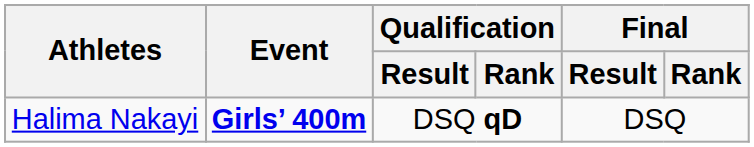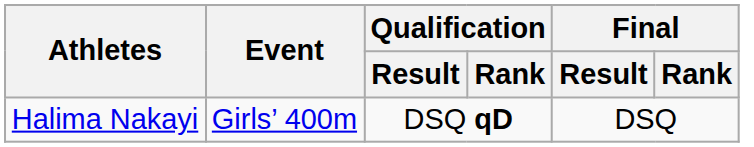 <table class="wikitable" border="1" style="font-size:90%">
 <tr>
 <th rowspan=2>Athletes</th>
 <th rowspan=2>Event</th>
 <th colspan=2>Qualification</th>
 <th colspan=2>Final</th>
 </tr>
 <tr>
 <th>Result</th>
 <th>Rank</th>
 <th>Result</th>
 <th>Rank</th>
 </tr>
 <tr>
 <td><a href='#'>Halima Nakayi</a></td>
-<td><strong><a href='#'>Girls’ 400m</a></strong></td>
+<td><a href='#'>Girls’ 400m</a></td>
 <td align=center colspan=2>DSQ <strong>qD</strong></td>
 <td align=center colspan=2>DSQ</td>
 </tr>
 </table>
